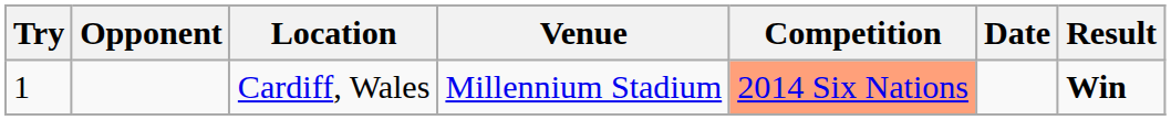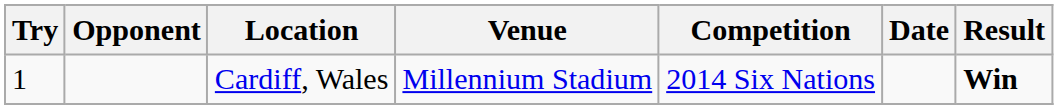 <table class="wikitable sortable" style="font-size:95%">
 <tr>
 <th>Try</th>
 <th>Opponent</th>
 <th>Location</th>
 <th>Venue</th>
 <th>Competition</th>
 <th>Date</th>
 <th>Result</th>
 </tr>
 <tr>
 <td>1</td>
 <td></td>
 <td><a href='#'>Cardiff</a>, Wales</td>
 <td><a href='#'>Millennium Stadium</a></td>
-<td style="background: lightsalmon;"><a href='#'>2014 Six Nations</a></td>
+<td><a href='#'>2014 Six Nations</a></td>
 <td></td>
 <td><strong>Win</strong></td>
 </tr>
 <tr>
 </tr>
 </table>
